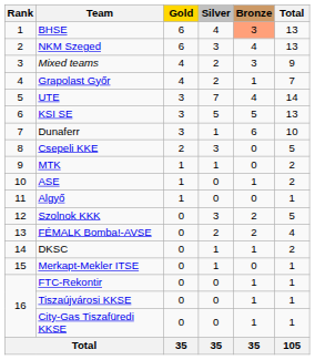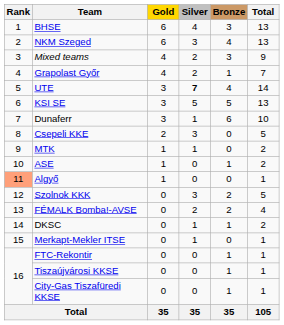 <table class="wikitable sortable" style="text-align:center">
 <tr>
 <th>Rank</th>
 <th width="185">Team</th>
 <th width=45; style="background-color:gold;">Gold</th>
 <th width=45; style="background-color:silver;">Silver</th>
 <th width=45; style="background-color:#cc9966;">Bronze</th>
 <th width="45">Total</th>
 </tr>
 <tr>
 <td>1</td>
 <td align=left> <a href='#'>BHSE</a></td>
 <td>6</td>
 <td>4</td>
-<td style="background: lightsalmon;">3</td>
+<td>3</td>
 <td>13</td>
 </tr>
 <tr>
 <td>2</td>
 <td align=left> <a href='#'>NKM Szeged</a></td>
 <td>6</td>
 <td>3</td>
 <td>4</td>
 <td>13</td>
 </tr>
 <tr>
 <td>3</td>
 <td align=left><em>Mixed teams</em></td>
 <td>4</td>
 <td>2</td>
 <td>3</td>
 <td>9</td>
 </tr>
 <tr>
 <td>4</td>
 <td align=left> <a href='#'>Grapolast Győr</a></td>
 <td>4</td>
 <td>2</td>
 <td>1</td>
 <td>7</td>
 </tr>
 <tr>
 <td>5</td>
 <td align=left> <a href='#'>UTE</a></td>
 <td>3</td>
-<td>7</td>
+<td><strong>7</strong></td>
 <td>4</td>
 <td>14</td>
 </tr>
 <tr>
 <td>6</td>
 <td align=left> <a href='#'>KSI SE</a></td>
 <td>3</td>
 <td>5</td>
 <td>5</td>
 <td>13</td>
 </tr>
 <tr>
 <td>7</td>
 <td align=left> Dunaferr</td>
 <td>3</td>
 <td>1</td>
 <td>6</td>
 <td>10</td>
 </tr>
 <tr>
 <td>8</td>
 <td align=left> <a href='#'>Csepeli KKE</a></td>
 <td>2</td>
 <td>3</td>
 <td>0</td>
 <td>5</td>
 </tr>
 <tr>
 <td>9</td>
 <td align=left> <a href='#'>MTK</a></td>
 <td>1</td>
 <td>1</td>
 <td>0</td>
 <td>2</td>
 </tr>
 <tr>
 <td>10</td>
 <td align=left> <a href='#'>ASE</a></td>
 <td>1</td>
 <td>0</td>
 <td>1</td>
 <td>2</td>
 </tr>
 <tr>
-<td>11</td>
+<td style="background: lightsalmon;">11</td>
 <td align=left> <a href='#'>Algyő</a></td>
 <td>1</td>
 <td>0</td>
 <td>0</td>
 <td>1</td>
 </tr>
 <tr>
 <td>12</td>
 <td align=left> <a href='#'>Szolnok KKK</a></td>
 <td>0</td>
 <td>3</td>
 <td>2</td>
 <td>5</td>
 </tr>
 <tr>
 <td>13</td>
 <td align=left> <a href='#'>FÉMALK Bomba!-AVSE</a></td>
 <td>0</td>
 <td>2</td>
 <td>2</td>
 <td>4</td>
 </tr>
 <tr>
 <td>14</td>
 <td align=left> DKSC</td>
 <td>0</td>
 <td>1</td>
 <td>1</td>
 <td>2</td>
 </tr>
 <tr>
 <td>15</td>
 <td align=left> <a href='#'>Merkapt-Mekler ITSE</a></td>
 <td>0</td>
 <td>1</td>
 <td>0</td>
 <td>1</td>
 </tr>
 <tr>
 <td rowspan="3">16</td>
 <td align=left> <a href='#'>FTC-Rekontir</a></td>
 <td>0</td>
 <td>0</td>
 <td>1</td>
 <td>1</td>
 </tr>
 <tr>
 <td align=left> <a href='#'>Tiszaújvárosi KKSE</a></td>
 <td>0</td>
 <td>0</td>
 <td>1</td>
 <td>1</td>
 </tr>
 <tr>
 <td align=left> <a href='#'>City-Gas Tiszafüredi KKSE</a></td>
 <td>0</td>
 <td>0</td>
 <td>1</td>
 <td>1</td>
 </tr>
 <tr>
 <th colspan="2">Total</th>
 <th>35</th>
 <th>35</th>
 <th>35</th>
 <th>105</th>
 </tr>
 </table>
